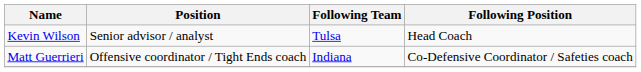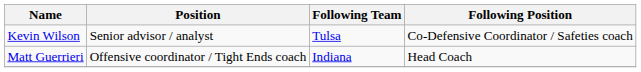 <table class="wikitable">
 <tr>
 <th style="text-align:center; ">Name</th>
 <th style="text-align:center; ">Position</th>
 <th style="text-align:center; ">Following Team</th>
 <th style="text-align:center; ">Following Position</th>
 </tr>
 <tr>
 <td><a href='#'>Kevin Wilson</a></td>
 <td>Senior advisor / analyst</td>
 <td><a href='#'>Tulsa</a></td>
-<td>Head Coach</td>
+<td>Co-Defensive Coordinator / Safeties coach</td>
 </tr>
 <tr>
 <td><a href='#'>Matt Guerrieri</a></td>
 <td>Offensive coordinator / Tight Ends coach</td>
 <td><a href='#'>Indiana</a></td>
-<td>Co-Defensive Coordinator / Safeties coach</td>
+<td>Head Coach</td>
 </tr>
 <tr>
 </tr>
 </table>
